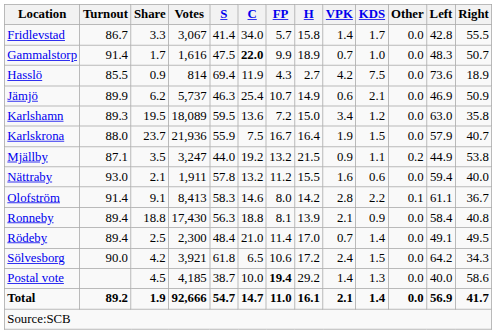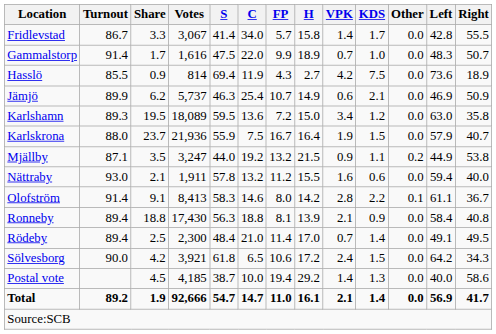 <table class="wikitable sortable" style=text-align:right>
 <tr>
 <th>Location</th>
 <th>Turnout</th>
 <th>Share</th>
 <th>Votes</th>
 <th><a href='#'>S</a></th>
 <th><a href='#'>C</a></th>
 <th><a href='#'>FP</a></th>
 <th><a href='#'>H</a></th>
 <th><a href='#'>VPK</a></th>
 <th><a href='#'>KDS</a></th>
 <th>Other</th>
 <th>Left</th>
 <th>Right</th>
 </tr>
 <tr>
 <td align=left><a href='#'>Fridlevstad</a></td>
 <td>86.7</td>
 <td>3.3</td>
 <td>3,067</td>
 <td>41.4</td>
 <td>34.0</td>
 <td>5.7</td>
 <td>15.8</td>
 <td>1.4</td>
 <td>1.7</td>
 <td>0.0</td>
 <td>42.8</td>
 <td>55.5</td>
 </tr>
 <tr>
 <td align=left><a href='#'>Gammalstorp</a></td>
 <td>91.4</td>
 <td>1.7</td>
 <td>1,616</td>
 <td>47.5</td>
-<td><strong>22.0</strong></td>
+<td>22.0</td>
 <td>9.9</td>
 <td>18.9</td>
 <td>0.7</td>
 <td>1.0</td>
 <td>0.0</td>
 <td>48.3</td>
 <td>50.7</td>
 </tr>
 <tr>
 <td align=left><a href='#'>Hasslö</a></td>
 <td>85.5</td>
 <td>0.9</td>
 <td>814</td>
 <td>69.4</td>
 <td>11.9</td>
 <td>4.3</td>
 <td>2.7</td>
 <td>4.2</td>
 <td>7.5</td>
 <td>0.0</td>
 <td>73.6</td>
 <td>18.9</td>
 </tr>
 <tr>
 <td align=left><a href='#'>Jämjö</a></td>
 <td>89.9</td>
 <td>6.2</td>
 <td>5,737</td>
 <td>46.3</td>
 <td>25.4</td>
 <td>10.7</td>
 <td>14.9</td>
 <td>0.6</td>
 <td>2.1</td>
 <td>0.0</td>
 <td>46.9</td>
 <td>50.9</td>
 </tr>
 <tr>
 <td align=left><a href='#'>Karlshamn</a></td>
 <td>89.3</td>
 <td>19.5</td>
 <td>18,089</td>
 <td>59.5</td>
 <td>13.6</td>
 <td>7.2</td>
 <td>15.0</td>
 <td>3.4</td>
 <td>1.2</td>
 <td>0.0</td>
 <td>63.0</td>
 <td>35.8</td>
 </tr>
 <tr>
 <td align=left><a href='#'>Karlskrona</a></td>
 <td>88.0</td>
 <td>23.7</td>
 <td>21,936</td>
 <td>55.9</td>
 <td>7.5</td>
 <td>16.7</td>
 <td>16.4</td>
 <td>1.9</td>
 <td>1.5</td>
 <td>0.0</td>
 <td>57.9</td>
 <td>40.7</td>
 </tr>
 <tr>
 <td align=left><a href='#'>Mjällby</a></td>
 <td>87.1</td>
 <td>3.5</td>
 <td>3,247</td>
 <td>44.0</td>
 <td>19.2</td>
 <td>13.2</td>
 <td>21.5</td>
 <td>0.9</td>
 <td>1.1</td>
 <td>0.2</td>
 <td>44.9</td>
 <td>53.8</td>
 </tr>
 <tr>
 <td align=left><a href='#'>Nättraby</a></td>
 <td>93.0</td>
 <td>2.1</td>
 <td>1,911</td>
 <td>57.8</td>
 <td>13.2</td>
 <td>11.2</td>
 <td>15.5</td>
 <td>1.6</td>
 <td>0.6</td>
 <td>0.0</td>
 <td>59.4</td>
 <td>40.0</td>
 </tr>
 <tr>
 <td align=left><a href='#'>Olofström</a></td>
 <td>91.4</td>
 <td>9.1</td>
 <td>8,413</td>
 <td>58.3</td>
 <td>14.6</td>
 <td>8.0</td>
 <td>14.2</td>
 <td>2.8</td>
 <td>2.2</td>
 <td>0.1</td>
 <td>61.1</td>
 <td>36.7</td>
 </tr>
 <tr>
 <td align=left><a href='#'>Ronneby</a></td>
 <td>89.4</td>
 <td>18.8</td>
 <td>17,430</td>
 <td>56.3</td>
 <td>18.8</td>
 <td>8.1</td>
 <td>13.9</td>
 <td>2.1</td>
 <td>0.9</td>
 <td>0.0</td>
 <td>58.4</td>
 <td>40.8</td>
 </tr>
 <tr>
 <td align=left><a href='#'>Rödeby</a></td>
 <td>89.4</td>
 <td>2.5</td>
 <td>2,300</td>
 <td>48.4</td>
 <td>21.0</td>
 <td>11.4</td>
 <td>17.0</td>
 <td>0.7</td>
 <td>1.4</td>
 <td>0.0</td>
 <td>49.1</td>
 <td>49.5</td>
 </tr>
 <tr>
 <td align=left><a href='#'>Sölvesborg</a></td>
 <td>90.0</td>
 <td>4.2</td>
 <td>3,921</td>
 <td>61.8</td>
 <td>6.5</td>
 <td>10.6</td>
 <td>17.2</td>
 <td>2.4</td>
 <td>1.5</td>
 <td>0.0</td>
 <td>64.2</td>
 <td>34.3</td>
 </tr>
 <tr>
 <td align=left><a href='#'>Postal vote</a></td>
 <td></td>
 <td>4.5</td>
 <td>4,185</td>
 <td>38.7</td>
 <td>10.0</td>
-<td><strong>19.4</strong></td>
+<td>19.4</td>
 <td>29.2</td>
 <td>1.4</td>
 <td>1.3</td>
 <td>0.0</td>
 <td>40.0</td>
 <td>58.6</td>
 </tr>
 <tr>
 <td align=left><strong>Total</strong></td>
 <td><strong>89.2</strong></td>
 <td><strong>1.9</strong></td>
 <td><strong>92,666</strong></td>
 <td><strong>54.7</strong></td>
 <td><strong>14.7</strong></td>
 <td><strong>11.0</strong></td>
 <td><strong>16.1</strong></td>
 <td><strong>2.1</strong></td>
 <td><strong>1.4</strong></td>
 <td><strong>0.0</strong></td>
 <td><strong>56.9</strong></td>
 <td><strong>41.7</strong></td>
 </tr>
 <tr>
 <td align=left colspan=13>Source:SCB </td>
 </tr>
 </table>
